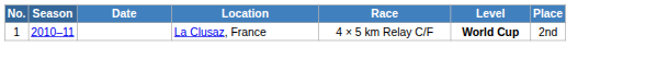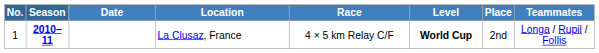 <table class="wikitable sortable" style="font-size:95%; text-align:center; border:grey solid 1px; border-collapse:collapse; background:#ffffff;">
 <tr style="background:#efefef;">
 <th style="background-color:#369; color:white;">No.</th>
 <th style="background-color:#369; color:white;">Season</th>
 <th style="background-color:#4180be; color:white; width:120px;">Date</th>
 <th style="background-color:#4180be; color:white; width:190px;">Location</th>
 <th style="background-color:#4180be; color:white; width:170px;">Race</th>
 <th style="background-color:#4180be; color:white; width:100px;">Level</th>
 <th style="background-color:#4180be; color:white;">Place</th>
+<th style="background-color:#4180be; color:white;">Teammates</th>
 </tr>
 <tr>
 <td>1</td>
-<td><a href='#'>2010–11</a></td>
+<td><strong><a href='#'>2010–11</a></strong></td>
 <td style="text-align: right;"></td>
 <td style="text-align: left;"> <a href='#'>La Clusaz</a>, France</td>
 <td>4 × 5 km Relay C/F</td>
 <td><strong>World Cup</strong></td>
 <td>2nd</td>
+<td><a href='#'>Longa</a> / <a href='#'>Rupil</a> / <a href='#'>Follis</a></td>
 </tr>
 </table>
